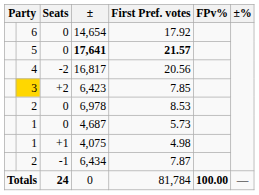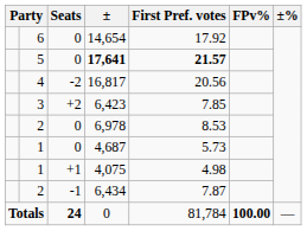 <table class=wikitable>
 <tr>
 <th colspan=2 align=center>Party</th>
 <th valign=top>Seats</th>
 <th valign=top>±</th>
 <th valign=top>First Pref. votes</th>
 <th valign=top>FPv%</th>
 <th valign=top>±%</th>
 </tr>
 <tr>
 <td></td>
 <td align=right>6</td>
 <td align=right>0</td>
 <td align=right>14,654</td>
 <td align=right>17.92</td>
 <td align=right></td>
 </tr>
 <tr>
 <td></td>
 <td align=right>5</td>
 <td align=right>0</td>
 <td align=right><strong>17,641</strong></td>
 <td align=right><strong>21.57</strong></td>
 <td align=right></td>
 </tr>
 <tr>
 <td></td>
 <td align=right>4</td>
 <td align=right>-2</td>
 <td align=right>16,817</td>
 <td align=right>20.56</td>
 <td align=right></td>
 </tr>
 <tr>
 <td></td>
-<td align=right style="background: gold;">3</td>
+<td align=right>3</td>
 <td align=right>+2</td>
 <td align=right>6,423</td>
 <td align=right>7.85</td>
 <td align=right></td>
 </tr>
 <tr>
 <td></td>
 <td align=right>2</td>
 <td align=right>0</td>
 <td align=right>6,978</td>
 <td align=right>8.53</td>
 <td align=right></td>
 </tr>
 <tr>
 <td></td>
 <td align=right>1</td>
 <td align=right>0</td>
 <td align=right>4,687</td>
 <td align=right>5.73</td>
 <td align=right></td>
 </tr>
 <tr>
 <td></td>
 <td align=right>1</td>
 <td align=right>+1</td>
 <td align=right>4,075</td>
 <td align=right>4.98</td>
 <td align=right></td>
 </tr>
 <tr>
 <td></td>
 <td align=right>2</td>
 <td align=right>-1</td>
 <td align=right>6,434</td>
 <td align=right>7.87</td>
 <td align=right></td>
 </tr>
 <tr>
 <td colspan=2 align=center><strong>Totals</strong></td>
 <td align=right><strong>24</strong></td>
 <td align=center>0</td>
 <td align=right>81,784</td>
 <td align=center><strong>100.00</strong></td>
 <td align=center>—</td>
 </tr>
 </table>
